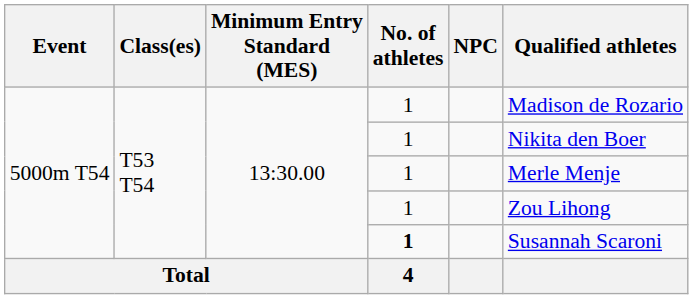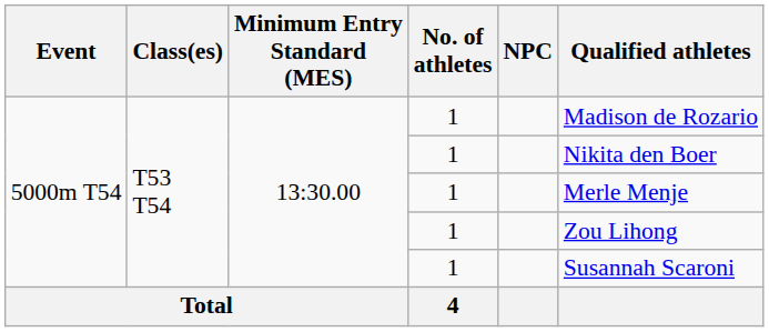 <table class="wikitable">
 <tr>
 <th>Event</th>
 <th>Class(es)</th>
 <th>Minimum Entry<br> Standard<br> (MES)</th>
 <th>No. of<br>athletes</th>
 <th>NPC</th>
 <th>Qualified athletes</th>
 </tr>
 <tr>
 <td rowspan=5>5000m T54</td>
 <td rowspan=5>T53<br>T54</td>
 <td rowspan=5 align="center">13:30.00</td>
 <td align=center>1</td>
 <td></td>
 <td><a href='#'>Madison de Rozario</a></td>
 </tr>
 <tr>
 <td align=center>1</td>
 <td></td>
 <td><a href='#'>Nikita den Boer</a></td>
 </tr>
 <tr>
 <td align=center>1</td>
 <td></td>
 <td><a href='#'>Merle Menje</a></td>
 </tr>
 <tr>
 <td align=center>1</td>
 <td></td>
 <td><a href='#'>Zou Lihong</a></td>
 </tr>
 <tr>
-<td align=center><strong>1</strong></td>
+<td align=center>1</td>
 <td></td>
 <td><a href='#'>Susannah Scaroni</a></td>
 </tr>
 <tr>
 <th colspan=3>Total</th>
 <th>4</th>
 <th></th>
 <th></th>
 </tr>
 </table>
